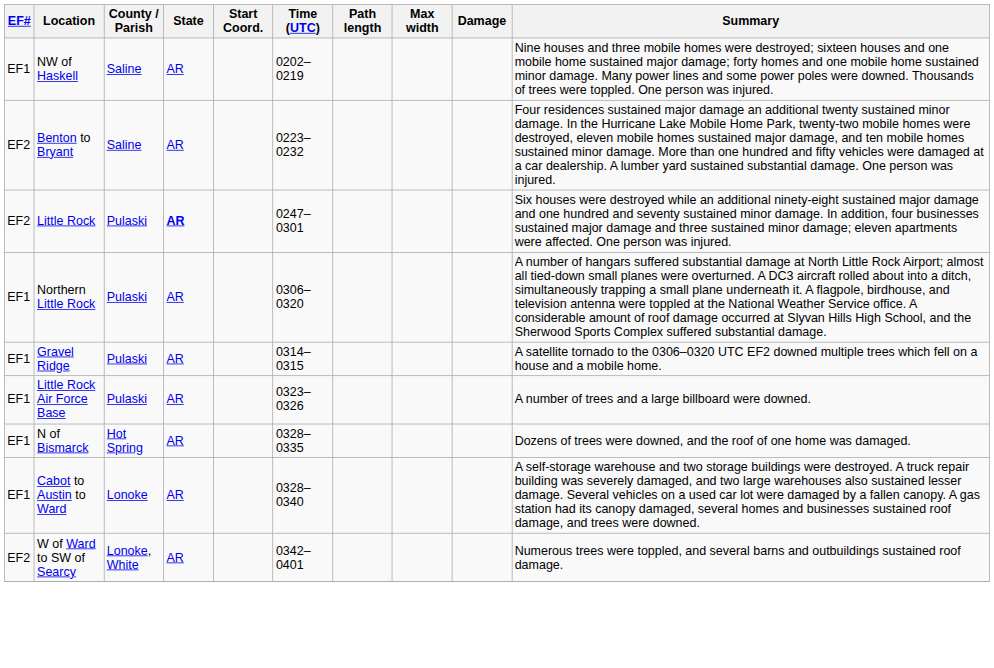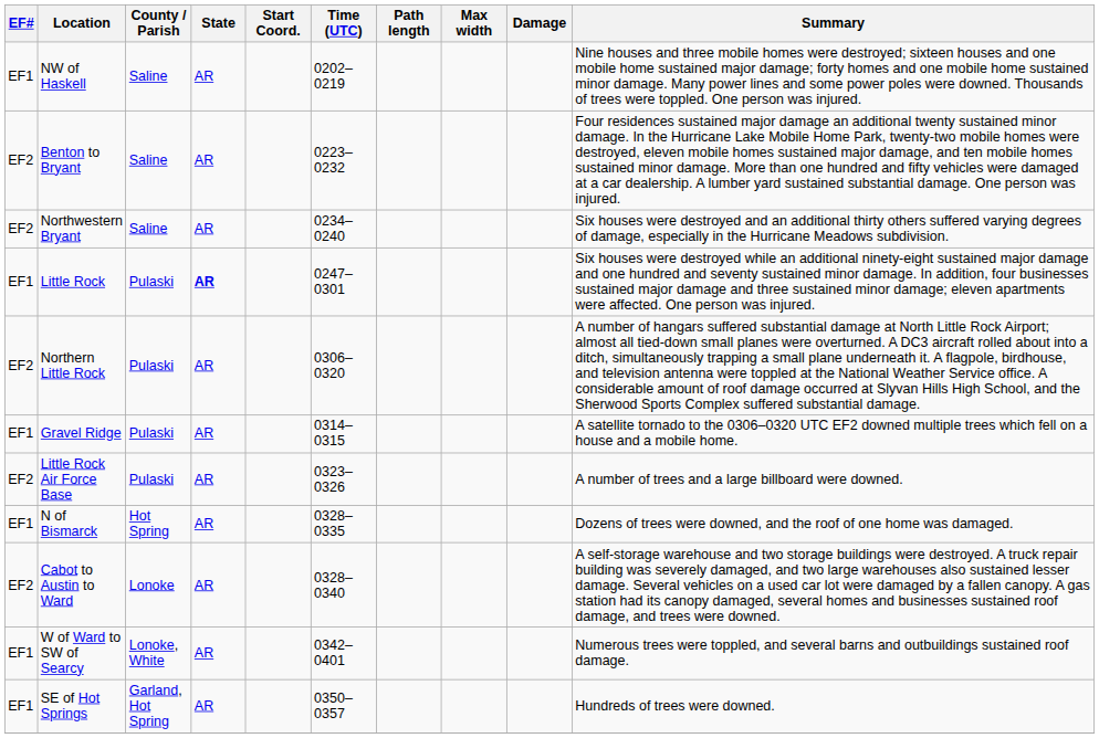 <table class="wikitable sortable" style="width:100%;">
 <tr>
 <th scope="col" width="3%" align="center"><a href='#'>EF#</a></th>
 <th scope="col" width="7%" align="center" class="unsortable">Location</th>
 <th scope="col" width="6%" align="center" class="unsortable">County / Parish</th>
 <th scope="col" width="5%" align="center">State</th>
 <th scope="col" width="6%" align="center">Start Coord.</th>
 <th scope="col" width="6%" align="center">Time (<a href='#'>UTC</a>)</th>
 <th scope="col" width="6%" align="center">Path length</th>
 <th scope="col" width="6%" align="center">Max width</th>
 <th scope="col" width="6%" align="center">Damage</th>
 <th scope="col" width="48%" class="unsortable" align="center">Summary</th>
 </tr>
 <tr>
 <td>EF1</td>
 <td>NW of <a href='#'>Haskell</a></td>
 <td><a href='#'>Saline</a></td>
 <td><a href='#'>AR</a></td>
 <td></td>
 <td>0202–0219</td>
 <td></td>
 <td></td>
 <td></td>
 <td>Nine houses and three mobile homes were destroyed; sixteen houses and one mobile home sustained major damage; forty homes and one mobile home sustained minor damage. Many power lines and some power poles were downed. Thousands of trees were toppled. One person was injured.</td>
 </tr>
 <tr>
 <td>EF2</td>
 <td><a href='#'>Benton</a> to <a href='#'>Bryant</a></td>
 <td><a href='#'>Saline</a></td>
 <td><a href='#'>AR</a></td>
 <td></td>
 <td>0223–0232</td>
 <td></td>
 <td></td>
 <td></td>
 <td>Four residences sustained major damage an additional twenty sustained minor damage. In the Hurricane Lake Mobile Home Park, twenty-two mobile homes were destroyed, eleven mobile homes sustained major damage, and ten mobile homes sustained minor damage. More than one hundred and fifty vehicles were damaged at a car dealership. A lumber yard sustained substantial damage. One person was injured.</td>
 </tr>
 <tr>
 <td>EF2</td>
+<td>Northwestern <a href='#'>Bryant</a></td>
+<td><a href='#'>Saline</a></td>
+<td><a href='#'>AR</a></td>
+<td></td>
+<td>0234–0240</td>
+<td></td>
+<td></td>
+<td></td>
+<td>Six houses were destroyed and an additional thirty others suffered varying degrees of damage, especially in the Hurricane Meadows subdivision.</td>
+</tr>
+<tr>
+<td>EF1</td>
 <td><a href='#'>Little Rock</a></td>
 <td><a href='#'>Pulaski</a></td>
 <td><strong><a href='#'>AR</a></strong></td>
 <td></td>
 <td>0247–0301</td>
 <td></td>
 <td></td>
 <td></td>
 <td>Six houses were destroyed while an additional ninety-eight sustained major damage and one hundred and seventy sustained minor damage. In addition, four businesses sustained major damage and three sustained minor damage; eleven apartments were affected. One person was injured.</td>
 </tr>
 <tr>
-<td>EF1</td>
+<td>EF2</td>
 <td>Northern <a href='#'>Little Rock</a></td>
 <td><a href='#'>Pulaski</a></td>
 <td><a href='#'>AR</a></td>
 <td></td>
 <td>0306–0320</td>
 <td></td>
 <td></td>
 <td></td>
 <td>A number of hangars suffered substantial damage at North Little Rock Airport; almost all tied-down small planes were overturned. A DC3 aircraft rolled about  into a ditch, simultaneously trapping a small plane underneath it. A flagpole, birdhouse, and television antenna were toppled at the National Weather Service office. A considerable amount of roof damage occurred at Slyvan Hills High School, and the Sherwood Sports Complex suffered substantial damage.</td>
 </tr>
 <tr>
 <td>EF1</td>
 <td><a href='#'>Gravel Ridge</a></td>
 <td><a href='#'>Pulaski</a></td>
 <td><a href='#'>AR</a></td>
 <td></td>
 <td>0314–0315</td>
 <td></td>
 <td></td>
 <td></td>
 <td>A satellite tornado to the 0306–0320 UTC EF2 downed multiple trees which fell on a house and a mobile home.</td>
 </tr>
 <tr>
-<td>EF1</td>
+<td>EF2</td>
 <td><a href='#'>Little Rock Air Force Base</a></td>
 <td><a href='#'>Pulaski</a></td>
 <td><a href='#'>AR</a></td>
 <td></td>
 <td>0323–0326</td>
 <td></td>
 <td></td>
 <td></td>
 <td>A number of trees and a large billboard were downed.</td>
 </tr>
 <tr>
 <td>EF1</td>
 <td>N of <a href='#'>Bismarck</a></td>
 <td><a href='#'>Hot Spring</a></td>
 <td><a href='#'>AR</a></td>
 <td></td>
 <td>0328–0335</td>
 <td></td>
 <td></td>
 <td></td>
 <td>Dozens of trees were downed, and the roof of one home was damaged.</td>
 </tr>
 <tr>
-<td>EF1</td>
+<td>EF2</td>
 <td><a href='#'>Cabot</a> to <a href='#'>Austin</a> to <a href='#'>Ward</a></td>
 <td><a href='#'>Lonoke</a></td>
 <td><a href='#'>AR</a></td>
 <td></td>
 <td>0328–0340</td>
 <td></td>
 <td></td>
 <td></td>
 <td>A self-storage warehouse and two storage buildings were destroyed. A truck repair building was severely damaged, and two large warehouses also sustained lesser damage. Several vehicles on a used car lot were damaged by a fallen canopy. A gas station had its canopy damaged, several homes and businesses sustained roof damage, and trees were downed.</td>
 </tr>
 <tr>
-<td>EF2</td>
+<td>EF1</td>
 <td>W of <a href='#'>Ward</a> to SW of <a href='#'>Searcy</a></td>
 <td><a href='#'>Lonoke</a>, <a href='#'>White</a></td>
 <td><a href='#'>AR</a></td>
 <td></td>
 <td>0342–0401</td>
 <td></td>
 <td></td>
 <td></td>
 <td>Numerous trees were toppled, and several barns and outbuildings sustained roof damage.</td>
 </tr>
 <tr>
+<td>EF1</td>
+<td>SE of <a href='#'>Hot Springs</a></td>
+<td><a href='#'>Garland</a>, <a href='#'>Hot Spring</a></td>
+<td><a href='#'>AR</a></td>
+<td></td>
+<td>0350–0357</td>
+<td></td>
+<td></td>
+<td></td>
+<td>Hundreds of trees were downed.</td>
+</tr>
+<tr>
 </tr>
 </table>
